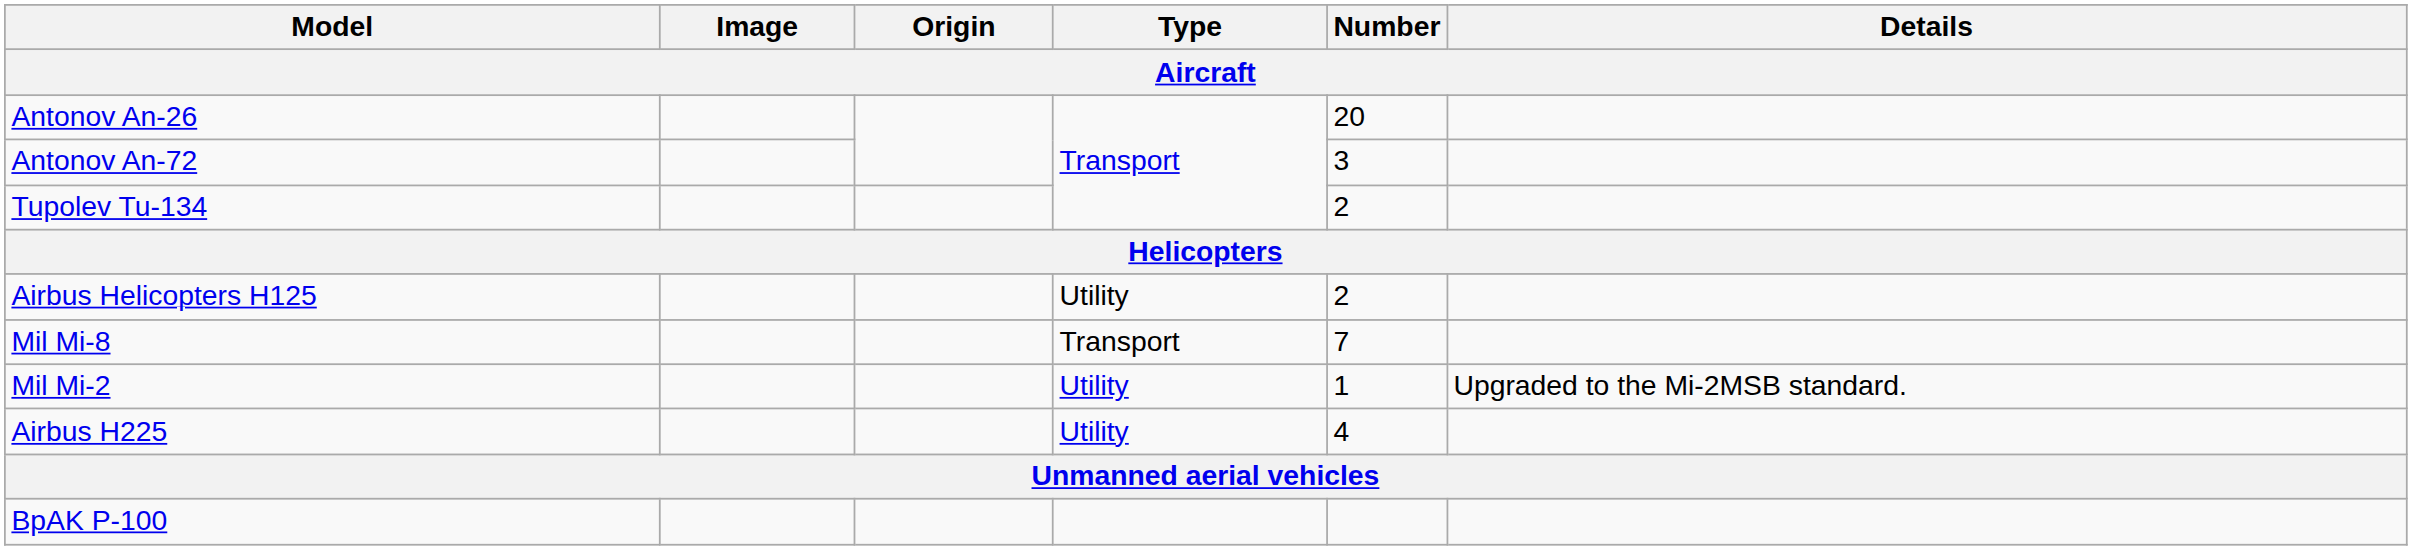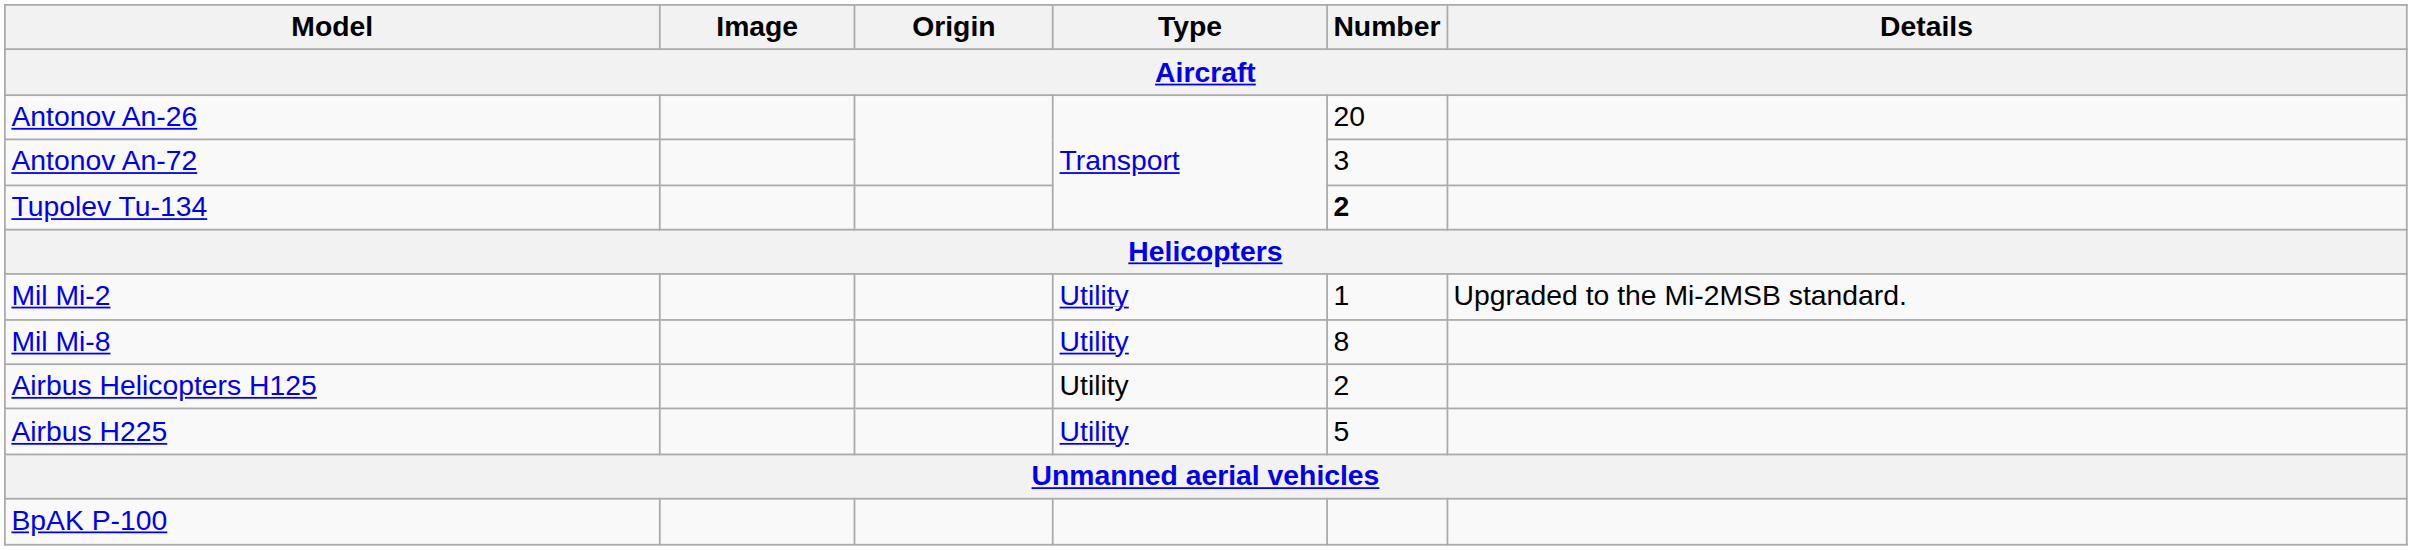 <table class="wikitable">
 <tr>
 <th>Model</th>
 <th>Image</th>
 <th>Origin</th>
 <th>Type</th>
 <th style="width:5%;">Number</th>
 <th>Details</th>
 </tr>
 <tr>
 <th colspan="6" style="align: center;"><a href='#'>Aircraft</a></th>
 </tr>
 <tr>
 <td><a href='#'>Antonov An-26</a></td>
 <td></td>
 <td rowspan="2"><br></td>
 <td rowspan="3"><a href='#'>Transport</a></td>
 <td>20</td>
 <td></td>
 </tr>
 <tr>
 <td><a href='#'>Antonov An-72</a></td>
 <td></td>
 <td>3</td>
 <td></td>
 </tr>
 <tr>
 <td><a href='#'>Tupolev Tu-134</a></td>
 <td></td>
 <td></td>
-<td>2</td>
+<td><strong>2</strong></td>
 </tr>
 <tr>
 <th colspan="6" style="align: center;"><a href='#'>Helicopters</a></th>
+</tr>
+<tr>
+<td><a href='#'>Mil Mi-2</a></td>
+<td></td>
+<td><br></td>
+<td><a href='#'>Utility</a></td>
+<td>1</td>
+<td>Upgraded to the Mi-2MSB standard.</td>
+</tr>
+<tr>
+<td><a href='#'>Mil Mi-8</a></td>
+<td></td>
+<td></td>
+<td><a href='#'>Utility</a></td>
+<td>8</td>
+<td></td>
 </tr>
 <tr>
 <td><a href='#'>Airbus Helicopters H125</a></td>
 <td></td>
 <td></td>
 <td>Utility</td>
 <td>2</td>
 <td></td>
 </tr>
 <tr>
-<td><a href='#'>Mil Mi-8</a></td>
-<td></td>
-<td></td>
-<td>Transport</td>
-<td>7</td>
-<td></td>
-</tr>
-<tr>
-<td><a href='#'>Mil Mi-2</a></td>
-<td></td>
-<td><br></td>
-<td><a href='#'>Utility</a></td>
-<td>1</td>
-<td>Upgraded to the Mi-2MSB standard.</td>
-</tr>
-<tr>
 <td><a href='#'>Airbus H225</a></td>
 <td></td>
 <td></td>
 <td><a href='#'>Utility</a></td>
-<td>4</td>
+<td>5</td>
 <td></td>
 </tr>
 <tr>
 <th colspan="6" style="align: center;"><a href='#'>Unmanned aerial vehicles</a></th>
 </tr>
 <tr>
 <td><a href='#'>BpAK P-100</a></td>
 <td></td>
 <td></td>
 <td></td>
 <td></td>
 <td></td>
 </tr>
 </table>
